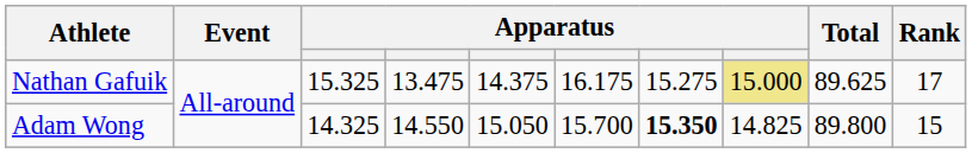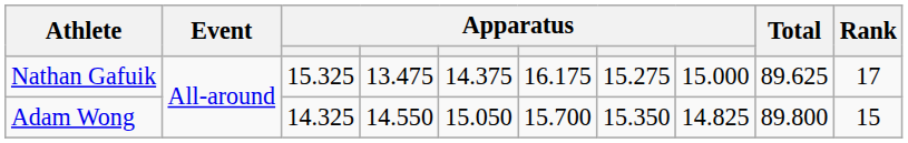 <table class="wikitable" style="font-size:90%">
 <tr>
 <th rowspan=2>Athlete</th>
 <th rowspan=2>Event</th>
 <th colspan =6>Apparatus</th>
 <th rowspan=2>Total</th>
 <th rowspan=2>Rank</th>
 </tr>
 <tr style="font-size:95%">
 <th></th>
 <th></th>
 <th></th>
 <th></th>
 <th></th>
 <th></th>
 </tr>
 <tr align=center>
 <td align=left><a href='#'>Nathan Gafuik</a></td>
 <td align=left rowspan=2><a href='#'>All-around</a></td>
 <td>15.325</td>
 <td>13.475</td>
 <td>14.375</td>
 <td>16.175</td>
 <td>15.275</td>
-<td style="background: khaki;">15.000</td>
+<td>15.000</td>
 <td>89.625</td>
 <td>17</td>
 </tr>
 <tr align=center>
 <td align=left><a href='#'>Adam Wong</a></td>
 <td>14.325</td>
 <td>14.550</td>
 <td>15.050</td>
 <td>15.700</td>
-<td><strong>15.350</strong></td>
+<td>15.350</td>
 <td>14.825</td>
 <td>89.800</td>
 <td>15</td>
 </tr>
 </table>
